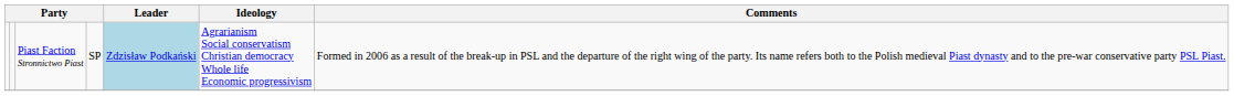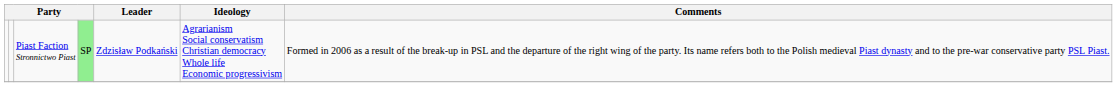 <table class="wikitable sortable">
 <tr>
 <th colspan=4>Party</th>
 <th>Leader</th>
 <th>Ideology</th>
 <th>Comments</th>
 </tr>
 <tr>
 <td></td>
 <td style="text-align:center;"></td>
 <td><a href='#'>Piast Faction</a><br><small><em>Stronnictwo Piast</em><br></small></td>
-<td>SP</td>
-<td style="background: lightblue;"><a href='#'>Zdzisław Podkański</a></td>
+<td style="background: lightgreen;">SP</td>
+<td><a href='#'>Zdzisław Podkański</a></td>
 <td><a href='#'>Agrarianism</a><br><a href='#'>Social conservatism</a><br><a href='#'>Christian democracy</a><br><a href='#'>Whole life</a><br><a href='#'>Economic progressivism</a></td>
 <td>Formed in 2006 as a result of the break-up in PSL and the departure of the right wing of the party. Its name refers both to the Polish medieval <a href='#'>Piast dynasty</a> and to the pre-war conservative party <a href='#'>PSL Piast.</a></td>
 </tr>
 <tr>
 </tr>
 </table>
